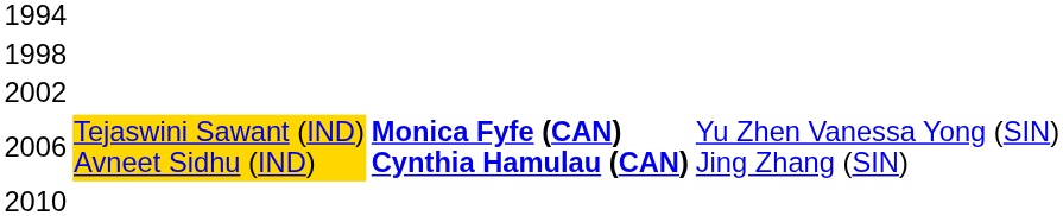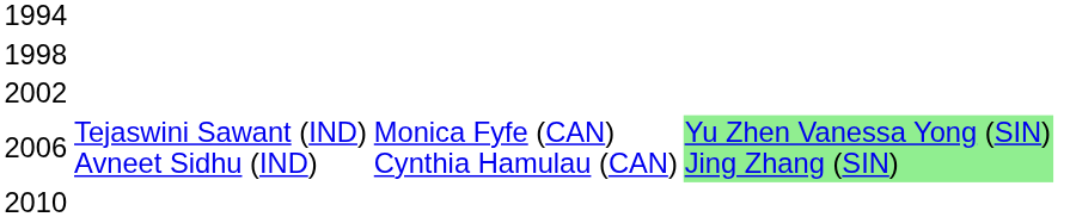 <table>
 <tr>
 <td>1994</td>
 <td></td>
 <td></td>
 <td></td>
 </tr>
 <tr>
 <td>1998</td>
 <td></td>
 <td></td>
 <td></td>
 </tr>
 <tr>
 <td>2002</td>
 <td></td>
 <td></td>
 <td></td>
 </tr>
 <tr>
 <td>2006</td>
-<td style="background: gold;"> <a href='#'>Tejaswini Sawant</a> (<a href='#'>IND</a>)<br> <a href='#'>Avneet Sidhu</a> (<a href='#'>IND</a>)</td>
-<td><strong> <a href='#'>Monica Fyfe</a> (<a href='#'>CAN</a>)<br> <a href='#'>Cynthia Hamulau</a> (<a href='#'>CAN</a>)</strong></td>
-<td> <a href='#'>Yu Zhen Vanessa Yong</a> (<a href='#'>SIN</a>)<br> <a href='#'>Jing Zhang</a> (<a href='#'>SIN</a>)</td>
+<td> <a href='#'>Tejaswini Sawant</a> (<a href='#'>IND</a>)<br> <a href='#'>Avneet Sidhu</a> (<a href='#'>IND</a>)</td>
+<td> <a href='#'>Monica Fyfe</a> (<a href='#'>CAN</a>)<br> <a href='#'>Cynthia Hamulau</a> (<a href='#'>CAN</a>)</td>
+<td style="background: lightgreen;"> <a href='#'>Yu Zhen Vanessa Yong</a> (<a href='#'>SIN</a>)<br> <a href='#'>Jing Zhang</a> (<a href='#'>SIN</a>)</td>
 </tr>
 <tr>
 <td>2010<br></td>
 <td></td>
 <td></td>
 <td></td>
 </tr>
 </table>
